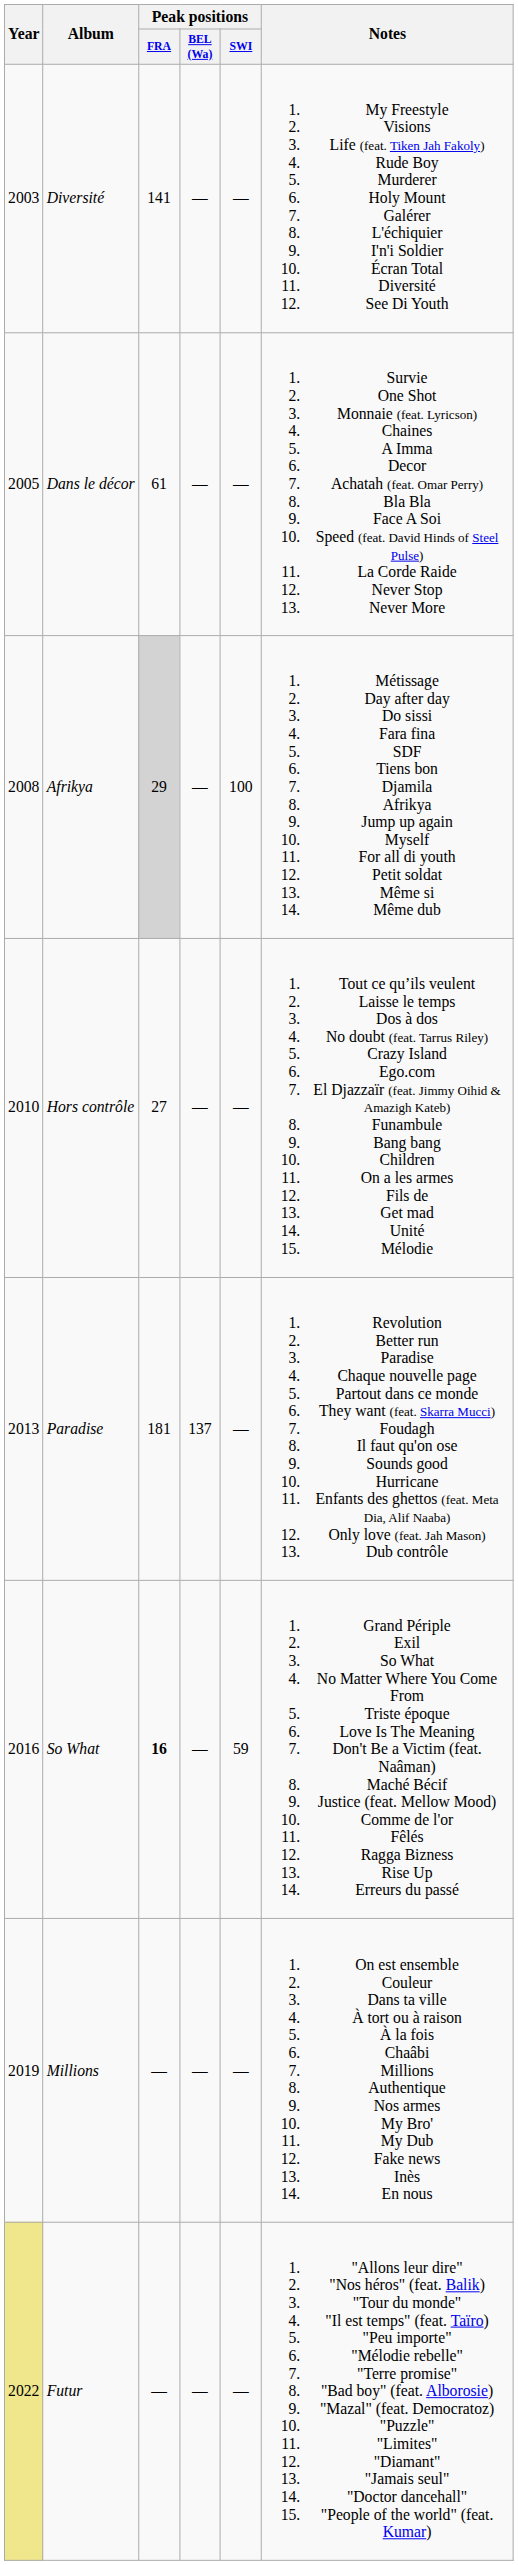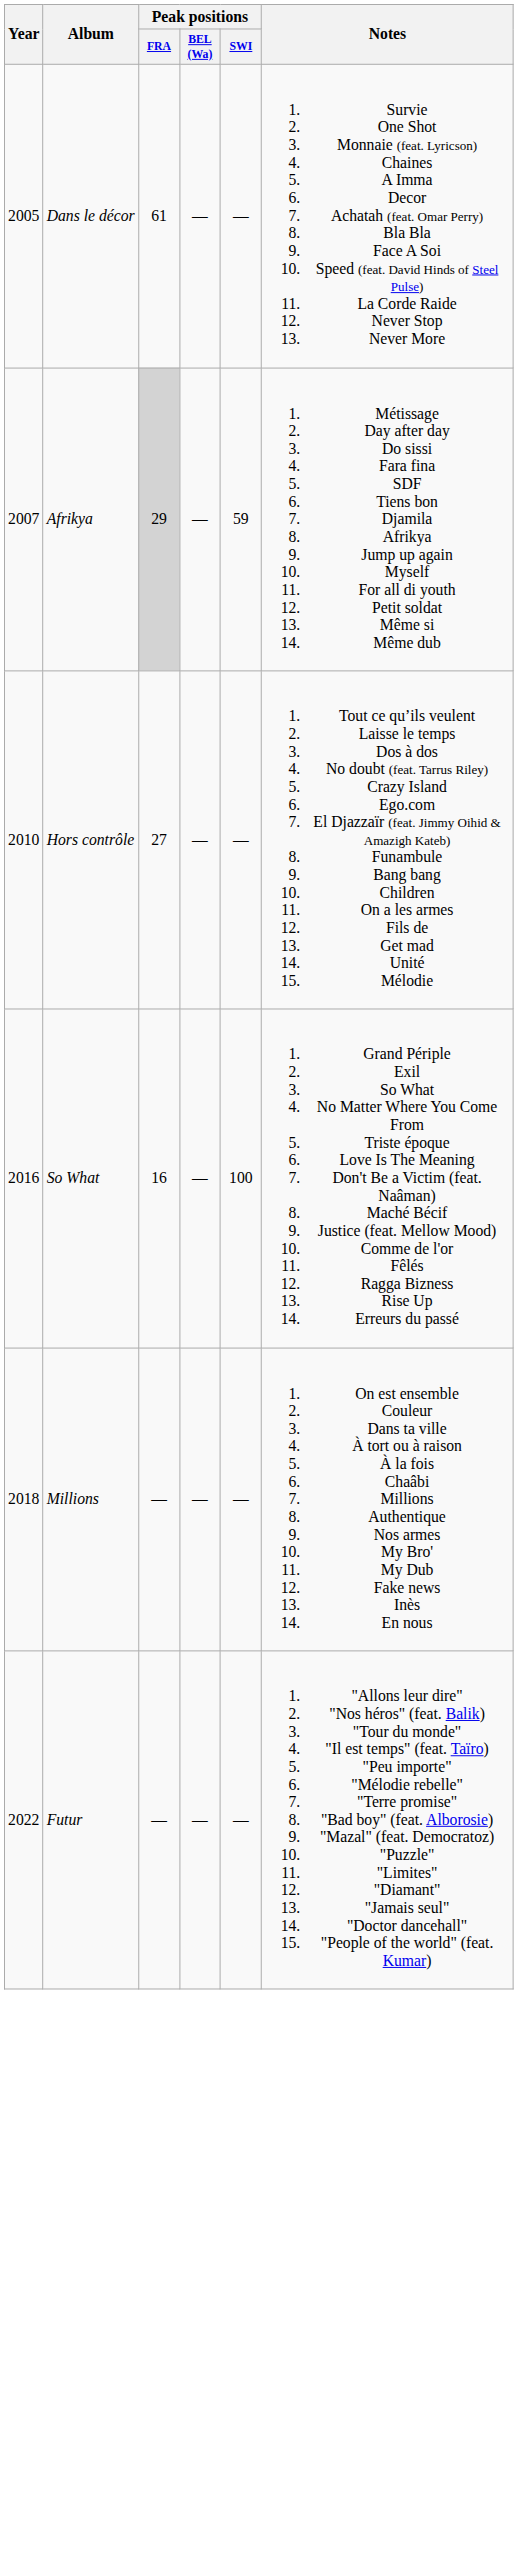 <table class="wikitable">
 <tr>
 <th align="center" rowspan="2" width="10">Year</th>
 <th align="center" rowspan="2" width="90">Album</th>
 <th align="center" colspan="3" width="10">Peak positions</th>
 <th align="center" rowspan="2" width="250">Notes</th>
 </tr>
 <tr>
 <th scope="col" style="width:3em;font-size:75%;"><a href='#'>FRA</a><br></th>
 <th scope="col" style="width:3em;font-size:75%;"><a href='#'>BEL <br>(Wa)</a><br></th>
 <th scope="col" style="width:3em;font-size:75%;"><a href='#'>SWI</a><br></th>
 </tr>
 <tr>
-<td style="text-align:center;">2003</td>
-<td><em>Diversité</em></td>
-<td style="text-align:center;">141</td>
-<td style="text-align:center;">—</td>
-<td style="text-align:center;">—</td>
-<td style="text-align:center;"><br><ol><li>My Freestyle</li><li>Visions</li><li>Life <small>(feat. <a href='#'>Tiken Jah Fakoly</a>)</small></li><li>Rude Boy</li><li>Murderer</li><li>Holy Mount</li><li>Galérer</li><li>L'échiquier</li><li>I'n'i Soldier</li><li>Écran Total</li><li>Diversité</li><li>See Di Youth</li></ol></td>
-</tr>
-<tr>
 <td style="text-align:center;">2005</td>
 <td><em>Dans le décor</em></td>
 <td style="text-align:center;">61</td>
 <td style="text-align:center;">—</td>
 <td style="text-align:center;">—</td>
 <td style="text-align:center;"><br><ol><li>Survie</li><li>One Shot</li><li>Monnaie <small>(feat. Lyricson)</small></li><li>Chaines</li><li>A Imma</li><li>Decor</li><li>Achatah <small>(feat. Omar Perry)</small></li><li>Bla Bla</li><li>Face A Soi</li><li>Speed <small>(feat. David Hinds of <a href='#'>Steel Pulse</a>)</small></li><li>La Corde Raide</li><li>Never Stop</li><li>Never More</li></ol></td>
 </tr>
 <tr>
-<td style="text-align:center;">2008</td>
+<td style="text-align:center;">2007</td>
 <td><em>Afrikya</em></td>
 <td style="background: lightgrey; text-align:center;">29</td>
 <td style="text-align:center;">—</td>
-<td style="text-align:center;">100</td>
+<td style="text-align:center;">59</td>
 <td style="text-align:center;"><br><ol><li>Métissage</li><li>Day after day</li><li>Do sissi</li><li>Fara fina</li><li>SDF</li><li>Tiens bon</li><li>Djamila</li><li>Afrikya</li><li>Jump up again</li><li>Myself</li><li>For all di youth</li><li>Petit soldat</li><li>Même si</li><li>Même dub</li></ol></td>
 </tr>
 <tr>
 <td style="text-align:center;">2010</td>
 <td><em>Hors contrôle</em></td>
 <td style="text-align:center;">27</td>
 <td style="text-align:center;">—</td>
 <td style="text-align:center;">—</td>
 <td style="text-align:center;"><br><ol><li>Tout ce qu’ils veulent</li><li>Laisse le temps</li><li>Dos à dos</li><li>No doubt <small>(feat. Tarrus Riley)</small></li><li>Crazy Island</li><li>Ego.com</li><li>El Djazzaïr <small>(feat. Jimmy Oihid & Amazigh Kateb)</small></li><li>Funambule</li><li>Bang bang</li><li>Children</li><li>On a les armes</li><li>Fils de</li><li>Get mad</li><li>Unité</li><li>Mélodie</li></ol></td>
 </tr>
 <tr>
-<td style="text-align:center;">2013</td>
-<td><em>Paradise</em></td>
-<td style="text-align:center;">181</td>
-<td style="text-align:center;">137</td>
-<td style="text-align:center;">—</td>
-<td style="text-align:center;"><br><ol><li>Revolution</li><li>Better run</li><li>Paradise</li><li>Chaque nouvelle page</li><li>Partout dans ce monde</li><li>They want <small>(feat. <a href='#'>Skarra Mucci</a>)</small></li><li>Foudagh</li><li>Il faut qu'on ose</li><li>Sounds good</li><li>Hurricane</li><li>Enfants des ghettos <small>(feat. Meta Dia, Alif Naaba)</small></li><li>Only love <small>(feat. Jah Mason)</small></li><li>Dub contrôle</li></ol></td>
-</tr>
-<tr>
 <td style="text-align:center;">2016</td>
 <td><em>So What</em></td>
-<td style="text-align:center;"><strong>16<br></strong></td>
+<td style="text-align:center;">16<br></td>
 <td style="text-align:center;">—</td>
-<td style="text-align:center;">59</td>
+<td style="text-align:center;">100</td>
 <td style="text-align:center;"><br><ol><li>Grand Périple</li><li>Exil</li><li>So What</li><li>No Matter Where You Come From</li><li>Triste époque</li><li>Love Is The Meaning</li><li>Don't Be a Victim (feat. Naâman)</li><li>Maché Bécif</li><li>Justice (feat. Mellow Mood)</li><li>Comme de l'or</li><li>Fêlés</li><li>Ragga Bizness</li><li>Rise Up</li><li>Erreurs du passé</li></ol></td>
 </tr>
 <tr>
-<td style="text-align:center;">2019</td>
+<td style="text-align:center;">2018</td>
 <td><em>Millions</em></td>
 <td style="text-align:center;">—</td>
 <td style="text-align:center;">—</td>
 <td style="text-align:center;">—</td>
 <td style="text-align:center;"><br><ol><li>On est ensemble</li><li>Couleur</li><li>Dans ta ville</li><li>À tort ou à raison</li><li>À la fois</li><li>Chaâbi</li><li>Millions</li><li>Authentique</li><li>Nos armes</li><li>My Bro'</li><li>My Dub</li><li>Fake news</li><li>Inès</li><li>En nous</li></ol></td>
 </tr>
 <tr>
-<td style="background: khaki; text-align:center;">2022</td>
+<td style="text-align:center;">2022</td>
 <td><em>Futur</em></td>
 <td style="text-align:center;">—</td>
 <td style="text-align:center;">—</td>
 <td style="text-align:center;">—</td>
 <td style="text-align:center;"><br><ol><li>"Allons leur dire"</li><li>"Nos héros" (feat. <a href='#'>Balik</a>)</li><li>"Tour du monde"</li><li>"Il est temps" (feat. <a href='#'>Taïro</a>)</li><li>"Peu importe"</li><li>"Mélodie rebelle"</li><li>"Terre promise"</li><li>"Bad boy" (feat. <a href='#'>Alborosie</a>)</li><li>"Mazal" (feat. Democratoz)</li><li>"Puzzle"</li><li>"Limites"</li><li>"Diamant"</li><li>"Jamais seul"</li><li>"Doctor dancehall"</li><li>"People of the world" (feat. <a href='#'>Kumar</a>)</li></ol></td>
 </tr>
 </table>
